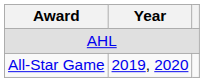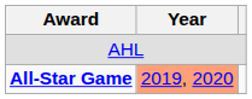 <table class="wikitable">
 <tr>
 <th>Award</th>
 <th>Year</th>
 <th></th>
 </tr>
 <tr ALIGN="center" bgcolor="#e0e0e0">
 <td colspan="3"><a href='#'>AHL</a></td>
 </tr>
 <tr>
-<td><a href='#'>All-Star Game</a></td>
-<td><a href='#'>2019</a>, <a href='#'>2020</a></td>
+<td><strong><a href='#'>All-Star Game</a></strong></td>
+<td style="background: lightsalmon;"><a href='#'>2019</a>, <a href='#'>2020</a></td>
 <td></td>
 </tr>
 </table>
